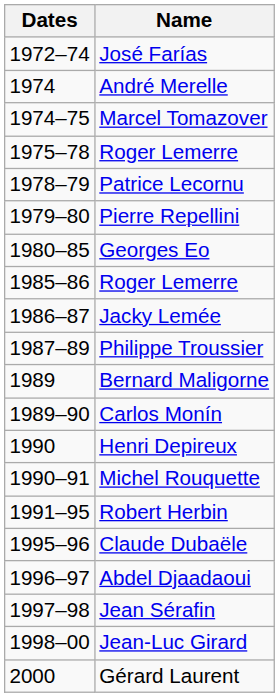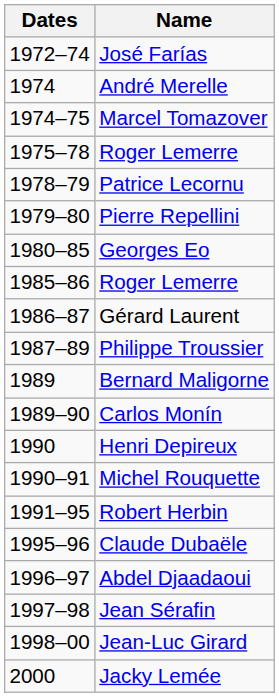 <table class="wikitable">
 <tr>
 <th>Dates</th>
 <th>Name</th>
 </tr>
 <tr>
 <td>1972–74</td>
 <td> <a href='#'>José Farías</a></td>
 </tr>
 <tr>
 <td>1974</td>
 <td><a href='#'>André Merelle</a></td>
 </tr>
 <tr>
 <td>1974–75</td>
 <td><a href='#'>Marcel Tomazover</a></td>
 </tr>
 <tr>
 <td>1975–78</td>
 <td><a href='#'>Roger Lemerre</a></td>
 </tr>
 <tr>
 <td>1978–79</td>
 <td><a href='#'>Patrice Lecornu</a></td>
 </tr>
 <tr>
 <td>1979–80</td>
 <td><a href='#'>Pierre Repellini</a></td>
 </tr>
 <tr>
 <td>1980–85</td>
 <td><a href='#'>Georges Eo</a></td>
 </tr>
 <tr>
 <td>1985–86</td>
 <td><a href='#'>Roger Lemerre</a></td>
 </tr>
 <tr>
 <td>1986–87</td>
-<td><a href='#'>Jacky Lemée</a></td>
+<td>Gérard Laurent</td>
 </tr>
 <tr>
 <td>1987–89</td>
 <td><a href='#'>Philippe Troussier</a></td>
 </tr>
 <tr>
 <td>1989</td>
 <td><a href='#'>Bernard Maligorne</a></td>
 </tr>
 <tr>
 <td>1989–90</td>
 <td> <a href='#'>Carlos Monín</a></td>
 </tr>
 <tr>
 <td>1990</td>
 <td><a href='#'>Henri Depireux</a></td>
 </tr>
 <tr>
 <td>1990–91</td>
 <td><a href='#'>Michel Rouquette</a></td>
 </tr>
 <tr>
 <td>1991–95</td>
 <td><a href='#'>Robert Herbin</a></td>
 </tr>
 <tr>
 <td>1995–96</td>
 <td><a href='#'>Claude Dubaële</a></td>
 </tr>
 <tr>
 <td>1996–97</td>
 <td> <a href='#'>Abdel Djaadaoui</a></td>
 </tr>
 <tr>
 <td>1997–98</td>
 <td><a href='#'>Jean Sérafin</a></td>
 </tr>
 <tr>
 <td>1998–00</td>
 <td><a href='#'>Jean-Luc Girard</a></td>
 </tr>
 <tr>
 <td>2000</td>
-<td>Gérard Laurent</td>
+<td><a href='#'>Jacky Lemée</a></td>
 </tr>
 </table>
